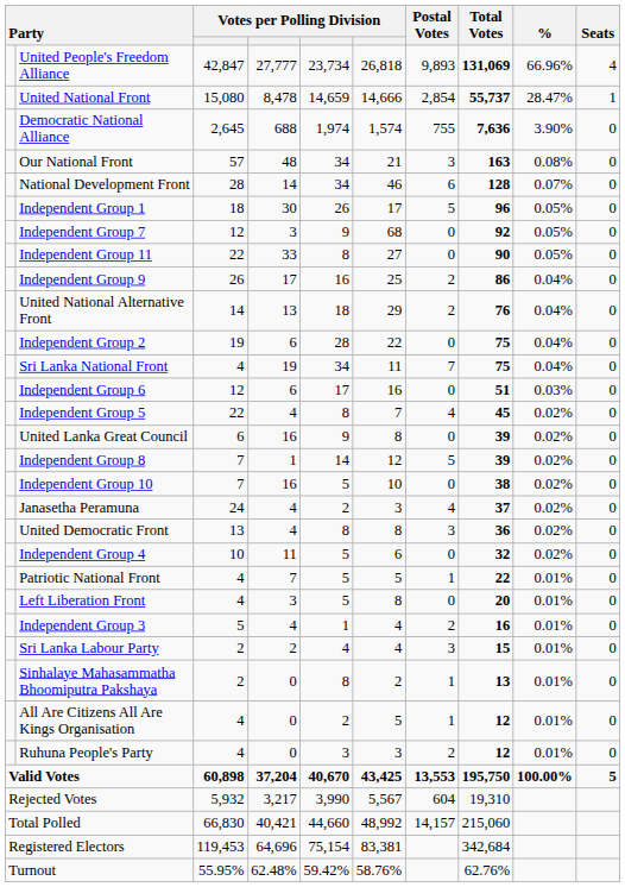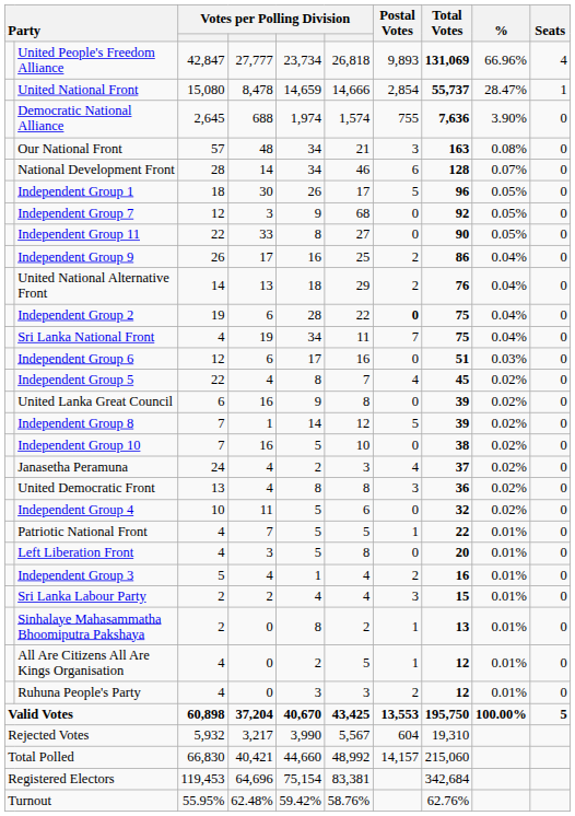 <table class="wikitable" border="1" style="text-align:right;">
 <tr>
 <th style="text-align:left; vertical-align:bottom;" rowspan="2" colspan="2">Party</th>
 <th colspan=4>Votes per Polling Division</th>
 <th rowspan="2" style="vertical-align:bottom; text-align:center; width:50px;">Postal<br>Votes</th>
 <th rowspan="2" style="vertical-align:bottom; text-align:center; width:50px;">Total Votes</th>
 <th rowspan="2" style="vertical-align:bottom; text-align:center; width:50px;">%</th>
 <th rowspan="2" style="vertical-align:bottom; text-align:center; width:40px;">Seats</th>
 </tr>
 <tr>
 <th></th>
 <th></th>
 <th></th>
 <th></th>
 </tr>
 <tr>
 <td bgcolor=> </td>
 <td align=left><a href='#'>United People's Freedom<br>Alliance</a></td>
 <td>42,847</td>
 <td>27,777</td>
 <td>23,734</td>
 <td>26,818</td>
 <td>9,893</td>
 <td><strong>131,069</strong></td>
 <td>66.96%</td>
 <td>4</td>
 </tr>
 <tr>
 <td bgcolor=> </td>
 <td align=left><a href='#'>United National Front</a></td>
 <td>15,080</td>
 <td>8,478</td>
 <td>14,659</td>
 <td>14,666</td>
 <td>2,854</td>
 <td><strong>55,737</strong></td>
 <td>28.47%</td>
 <td>1</td>
 </tr>
 <tr>
 <td bgcolor=> </td>
 <td align=left><a href='#'>Democratic National<br>Alliance</a></td>
 <td>2,645</td>
 <td>688</td>
 <td>1,974</td>
 <td>1,574</td>
 <td>755</td>
 <td><strong>7,636</strong></td>
 <td>3.90%</td>
 <td>0</td>
 </tr>
 <tr>
 <td bgcolor=> </td>
 <td align=left>Our National Front</td>
 <td>57</td>
 <td>48</td>
 <td>34</td>
 <td>21</td>
 <td>3</td>
 <td><strong>163</strong></td>
 <td>0.08%</td>
 <td>0</td>
 </tr>
 <tr>
 <td bgcolor=> </td>
 <td align=left>National Development Front</td>
 <td>28</td>
 <td>14</td>
 <td>34</td>
 <td>46</td>
 <td>6</td>
 <td><strong>128</strong></td>
 <td>0.07%</td>
 <td>0</td>
 </tr>
 <tr>
 <td bgcolor=> </td>
 <td align=left><a href='#'>Independent Group 1</a></td>
 <td>18</td>
 <td>30</td>
 <td>26</td>
 <td>17</td>
 <td>5</td>
 <td><strong>96</strong></td>
 <td>0.05%</td>
 <td>0</td>
 </tr>
 <tr>
 <td bgcolor=> </td>
 <td align=left><a href='#'>Independent Group 7</a></td>
 <td>12</td>
 <td>3</td>
 <td>9</td>
 <td>68</td>
 <td>0</td>
 <td><strong>92</strong></td>
 <td>0.05%</td>
 <td>0</td>
 </tr>
 <tr>
 <td bgcolor=> </td>
 <td align=left><a href='#'>Independent Group 11</a></td>
 <td>22</td>
 <td>33</td>
 <td>8</td>
 <td>27</td>
 <td>0</td>
 <td><strong>90</strong></td>
 <td>0.05%</td>
 <td>0</td>
 </tr>
 <tr>
 <td bgcolor=> </td>
 <td align=left><a href='#'>Independent Group 9</a></td>
 <td>26</td>
 <td>17</td>
 <td>16</td>
 <td>25</td>
 <td>2</td>
 <td><strong>86</strong></td>
 <td>0.04%</td>
 <td>0</td>
 </tr>
 <tr>
 <td bgcolor=> </td>
 <td align=left>United National Alternative<br>Front</td>
 <td>14</td>
 <td>13</td>
 <td>18</td>
 <td>29</td>
 <td>2</td>
 <td><strong>76</strong></td>
 <td>0.04%</td>
 <td>0</td>
 </tr>
 <tr>
 <td bgcolor=> </td>
 <td align=left><a href='#'>Independent Group 2</a></td>
 <td>19</td>
 <td>6</td>
 <td>28</td>
 <td>22</td>
-<td>0</td>
+<td><strong>0</strong></td>
 <td><strong>75</strong></td>
 <td>0.04%</td>
 <td>0</td>
 </tr>
 <tr>
 <td bgcolor=> </td>
 <td align=left><a href='#'>Sri Lanka National Front</a></td>
 <td>4</td>
 <td>19</td>
 <td>34</td>
 <td>11</td>
 <td>7</td>
 <td><strong>75</strong></td>
 <td>0.04%</td>
 <td>0</td>
 </tr>
 <tr>
 <td bgcolor=> </td>
 <td align=left><a href='#'>Independent Group 6</a></td>
 <td>12</td>
 <td>6</td>
 <td>17</td>
 <td>16</td>
 <td>0</td>
 <td><strong>51</strong></td>
 <td>0.03%</td>
 <td>0</td>
 </tr>
 <tr>
 <td bgcolor=> </td>
 <td align=left><a href='#'>Independent Group 5</a></td>
 <td>22</td>
 <td>4</td>
 <td>8</td>
 <td>7</td>
 <td>4</td>
 <td><strong>45</strong></td>
 <td>0.02%</td>
 <td>0</td>
 </tr>
 <tr>
 <td bgcolor=> </td>
 <td align=left>United Lanka Great Council</td>
 <td>6</td>
 <td>16</td>
 <td>9</td>
 <td>8</td>
 <td>0</td>
 <td><strong>39</strong></td>
 <td>0.02%</td>
 <td>0</td>
 </tr>
 <tr>
 <td bgcolor=> </td>
 <td align=left><a href='#'>Independent Group 8</a></td>
 <td>7</td>
 <td>1</td>
 <td>14</td>
 <td>12</td>
 <td>5</td>
 <td><strong>39</strong></td>
 <td>0.02%</td>
 <td>0</td>
 </tr>
 <tr>
 <td bgcolor=> </td>
 <td align=left><a href='#'>Independent Group 10</a></td>
 <td>7</td>
 <td>16</td>
 <td>5</td>
 <td>10</td>
 <td>0</td>
 <td><strong>38</strong></td>
 <td>0.02%</td>
 <td>0</td>
 </tr>
 <tr>
 <td bgcolor=> </td>
 <td align=left>Janasetha Peramuna</td>
 <td>24</td>
 <td>4</td>
 <td>2</td>
 <td>3</td>
 <td>4</td>
 <td><strong>37</strong></td>
 <td>0.02%</td>
 <td>0</td>
 </tr>
 <tr>
 <td bgcolor=> </td>
 <td align=left>United Democratic Front</td>
 <td>13</td>
 <td>4</td>
 <td>8</td>
 <td>8</td>
 <td>3</td>
 <td><strong>36</strong></td>
 <td>0.02%</td>
 <td>0</td>
 </tr>
 <tr>
 <td bgcolor=> </td>
 <td align=left><a href='#'>Independent Group 4</a></td>
 <td>10</td>
 <td>11</td>
 <td>5</td>
 <td>6</td>
 <td>0</td>
 <td><strong>32</strong></td>
 <td>0.02%</td>
 <td>0</td>
 </tr>
 <tr>
 <td bgcolor=> </td>
 <td align=left>Patriotic National Front</td>
 <td>4</td>
 <td>7</td>
 <td>5</td>
 <td>5</td>
 <td>1</td>
 <td><strong>22</strong></td>
 <td>0.01%</td>
 <td>0</td>
 </tr>
 <tr>
 <td bgcolor=> </td>
 <td align=left><a href='#'>Left Liberation Front</a></td>
 <td>4</td>
 <td>3</td>
 <td>5</td>
 <td>8</td>
 <td>0</td>
 <td><strong>20</strong></td>
 <td>0.01%</td>
 <td>0</td>
 </tr>
 <tr>
 <td bgcolor=> </td>
 <td align=left><a href='#'>Independent Group 3</a></td>
 <td>5</td>
 <td>4</td>
 <td>1</td>
 <td>4</td>
 <td>2</td>
 <td><strong>16</strong></td>
 <td>0.01%</td>
 <td>0</td>
 </tr>
 <tr>
 <td bgcolor=> </td>
 <td align=left><a href='#'>Sri Lanka Labour Party</a></td>
 <td>2</td>
 <td>2</td>
 <td>4</td>
 <td>4</td>
 <td>3</td>
 <td><strong>15</strong></td>
 <td>0.01%</td>
 <td>0</td>
 </tr>
 <tr>
 <td bgcolor=> </td>
 <td align=left><a href='#'>Sinhalaye Mahasammatha<br>Bhoomiputra Pakshaya</a></td>
 <td>2</td>
 <td>0</td>
 <td>8</td>
 <td>2</td>
 <td>1</td>
 <td><strong>13</strong></td>
 <td>0.01%</td>
 <td>0</td>
 </tr>
 <tr>
 <td bgcolor=> </td>
 <td align=left>All Are Citizens All Are<br>Kings Organisation</td>
 <td>4</td>
 <td>0</td>
 <td>2</td>
 <td>5</td>
 <td>1</td>
 <td><strong>12</strong></td>
 <td>0.01%</td>
 <td>0</td>
 </tr>
 <tr>
 <td bgcolor=> </td>
 <td align=left>Ruhuna People's Party</td>
 <td>4</td>
 <td>0</td>
 <td>3</td>
 <td>3</td>
 <td>2</td>
 <td><strong>12</strong></td>
 <td>0.01%</td>
 <td>0</td>
 </tr>
 <tr>
 <td align=left colspan=2><strong>Valid Votes</strong></td>
 <td><strong>60,898</strong></td>
 <td><strong>37,204</strong></td>
 <td><strong>40,670</strong></td>
 <td><strong>43,425</strong></td>
 <td><strong>13,553</strong></td>
 <td><strong>195,750</strong></td>
 <td><strong>100.00%</strong></td>
 <td><strong>5</strong></td>
 </tr>
 <tr>
 <td align=left colspan=2>Rejected Votes</td>
 <td>5,932</td>
 <td>3,217</td>
 <td>3,990</td>
 <td>5,567</td>
 <td>604</td>
 <td>19,310</td>
 <td></td>
 <td></td>
 </tr>
 <tr>
 <td align=left colspan=2>Total Polled</td>
 <td>66,830</td>
 <td>40,421</td>
 <td>44,660</td>
 <td>48,992</td>
 <td>14,157</td>
 <td>215,060</td>
 <td></td>
 <td></td>
 </tr>
 <tr>
 <td align=left colspan=2>Registered Electors</td>
 <td>119,453</td>
 <td>64,696</td>
 <td>75,154</td>
 <td>83,381</td>
 <td></td>
 <td>342,684</td>
 <td></td>
 <td></td>
 </tr>
 <tr>
 <td align=left colspan=2>Turnout</td>
 <td>55.95%</td>
 <td>62.48%</td>
 <td>59.42%</td>
 <td>58.76%</td>
 <td></td>
 <td>62.76%</td>
 <td></td>
 <td></td>
 </tr>
 </table>
